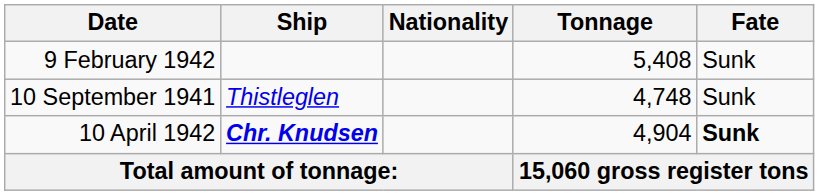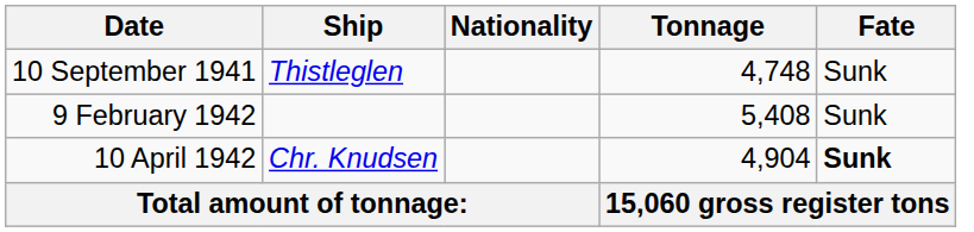 <table class="wikitable sortable">
 <tr>
 <th>Date</th>
 <th>Ship</th>
 <th>Nationality</th>
 <th>Tonnage</th>
 <th>Fate</th>
 </tr>
 <tr>
+<td align="right">10 September 1941</td>
+<td align="left"><a href='#'><em>Thistleglen</em></a></td>
+<td align="left"></td>
+<td align="right">4,748</td>
+<td align="left">Sunk</td>
+</tr>
+<tr>
 <td align="right">9 February 1942</td>
 <td align="left"></td>
 <td align="left"></td>
 <td align="right">5,408</td>
 <td align="left">Sunk</td>
 </tr>
 <tr>
-<td align="right">10 September 1941</td>
-<td align="left"><a href='#'><em>Thistleglen</em></a></td>
-<td align="left"></td>
-<td align="right">4,748</td>
-<td align="left">Sunk</td>
-</tr>
-<tr>
 <td align="right">10 April 1942</td>
-<td align="left"><strong><a href='#'><em>Chr. Knudsen</em></a></strong></td>
+<td align="left"><a href='#'><em>Chr. Knudsen</em></a></td>
 <td align="left"></td>
 <td align="right">4,904</td>
 <td align="left"><strong>Sunk</strong></td>
 </tr>
 <tr>
 <th colspan="3" class="unsortable" style="text-align:left”">Total amount of tonnage:</th>
 <th colspan="2" class="unsortable" style="text-align:left”">15,060 gross register tons</th>
 </tr>
 </table>
